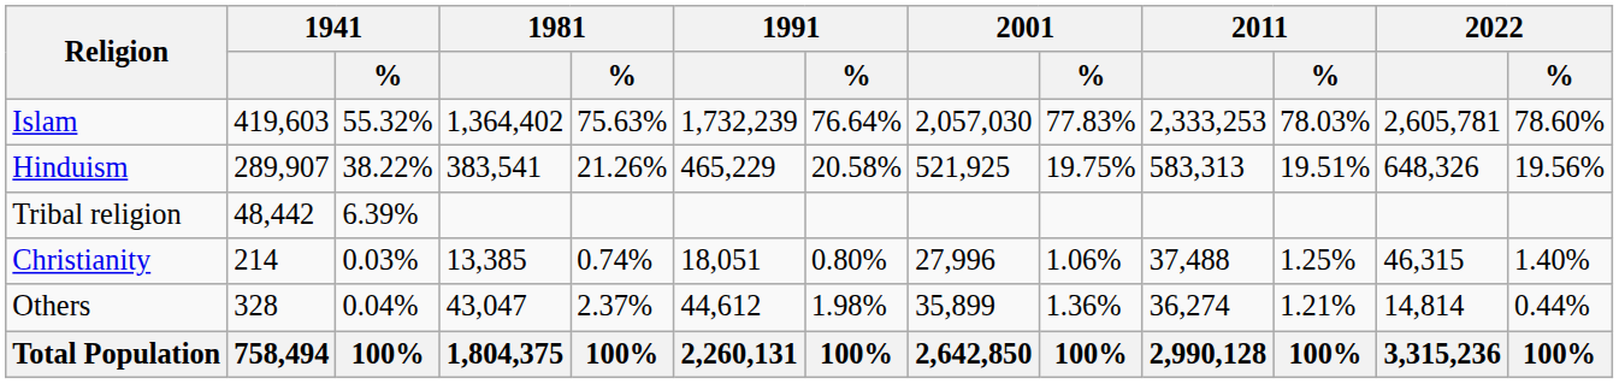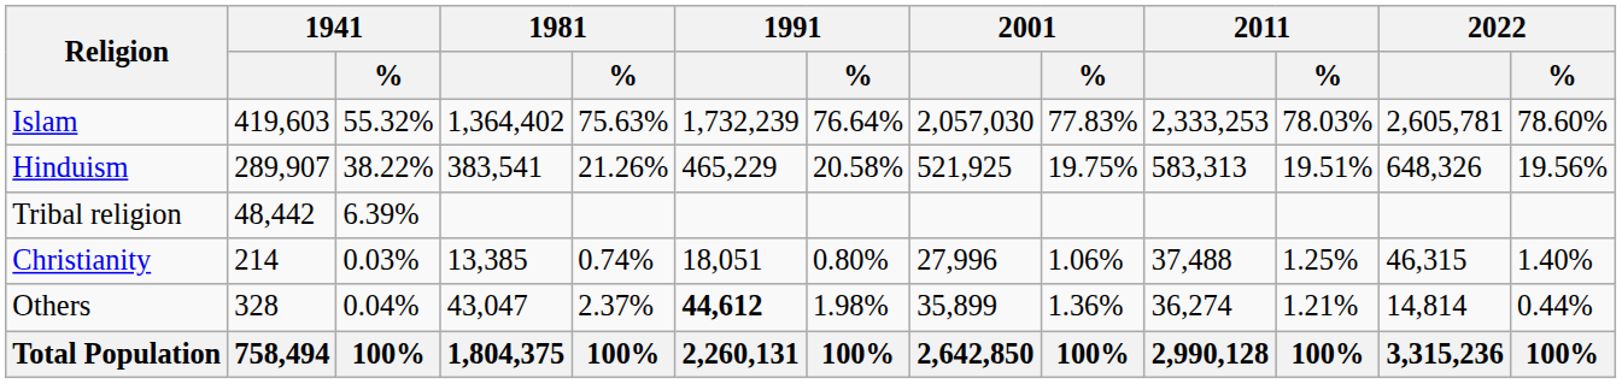 <table class="wikitable sortable">
 <tr>
 <th rowspan="2">Religion</th>
 <th colspan="2">1941</th>
 <th colspan="2">1981</th>
 <th colspan="2">1991</th>
 <th colspan="2">2001</th>
 <th colspan="2">2011</th>
 <th colspan="2">2022</th>
 </tr>
 <tr>
 <th></th>
 <th>%</th>
 <th></th>
 <th>%</th>
 <th></th>
 <th>%</th>
 <th></th>
 <th>%</th>
 <th></th>
 <th>%</th>
 <th></th>
 <th>%</th>
 </tr>
 <tr>
 <td><a href='#'>Islam</a> </td>
 <td>419,603</td>
 <td>55.32%</td>
 <td>1,364,402</td>
 <td>75.63%</td>
 <td>1,732,239</td>
 <td>76.64%</td>
 <td>2,057,030</td>
 <td>77.83%</td>
 <td>2,333,253</td>
 <td>78.03%</td>
 <td>2,605,781</td>
 <td>78.60%</td>
 </tr>
 <tr>
 <td><a href='#'>Hinduism</a> </td>
 <td>289,907</td>
 <td>38.22%</td>
 <td>383,541</td>
 <td>21.26%</td>
 <td>465,229</td>
 <td>20.58%</td>
 <td>521,925</td>
 <td>19.75%</td>
 <td>583,313</td>
 <td>19.51%</td>
 <td>648,326</td>
 <td>19.56%</td>
 </tr>
 <tr>
 <td>Tribal religion</td>
 <td>48,442</td>
 <td>6.39%</td>
 <td></td>
 <td></td>
 <td></td>
 <td></td>
 <td></td>
 <td></td>
 <td></td>
 <td></td>
 <td></td>
 <td></td>
 </tr>
 <tr>
 <td><a href='#'>Christianity</a> </td>
 <td>214</td>
 <td>0.03%</td>
 <td>13,385</td>
 <td>0.74%</td>
 <td>18,051</td>
 <td>0.80%</td>
 <td>27,996</td>
 <td>1.06%</td>
 <td>37,488</td>
 <td>1.25%</td>
 <td>46,315</td>
 <td>1.40%</td>
 </tr>
 <tr>
 <td>Others</td>
 <td>328</td>
 <td>0.04%</td>
 <td>43,047</td>
 <td>2.37%</td>
-<td>44,612</td>
+<td><strong>44,612</strong></td>
 <td>1.98%</td>
 <td>35,899</td>
 <td>1.36%</td>
 <td>36,274</td>
 <td>1.21%</td>
 <td>14,814</td>
 <td>0.44%</td>
 </tr>
 <tr>
 <th>Total Population</th>
 <th>758,494</th>
 <th>100%</th>
 <th>1,804,375</th>
 <th>100%</th>
 <th>2,260,131</th>
 <th>100%</th>
 <th>2,642,850</th>
 <th>100%</th>
 <th>2,990,128</th>
 <th>100%</th>
 <th>3,315,236</th>
 <th>100%</th>
 </tr>
 </table>
